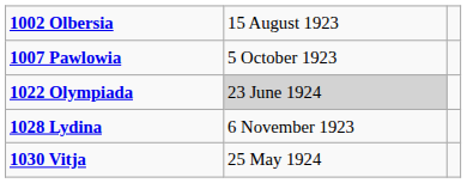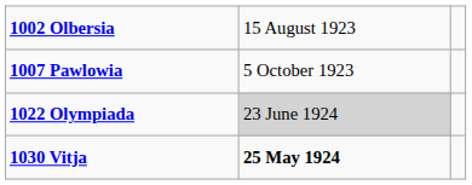 <table class="wikitable" style="font-size: 89%; float: left; width: 26em; margin-right: 1em; height: 140px;">
 <tr>
 <td><strong><a href='#'>1002 Olbersia</a></strong></td>
 <td>15 August 1923</td>
 <td></td>
 </tr>
 <tr>
 <td><strong><a href='#'>1007 Pawlowia</a></strong></td>
 <td>5 October 1923</td>
 <td></td>
 </tr>
 <tr>
 <td><strong><a href='#'>1022 Olympiada</a></strong></td>
 <td style="background: lightgrey;">23 June 1924</td>
 <td></td>
 </tr>
 <tr>
-<td><strong><a href='#'>1028 Lydina</a></strong></td>
-<td>6 November 1923</td>
-<td></td>
-</tr>
-<tr>
 <td><strong><a href='#'>1030 Vitja</a></strong></td>
-<td>25 May 1924</td>
+<td><strong>25 May 1924</strong></td>
 <td></td>
 </tr>
 </table>
